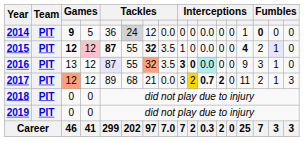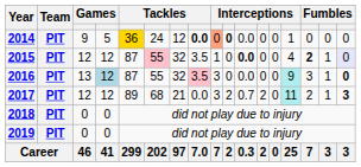 <table class="wikitable" style="text-align:center;">
 <tr>
 <th rowspan="2">Year</th>
 <th rowspan="2">Team</th>
 <th colspan="2">Games</th>
 <th colspan="4">Tackles</th>
 <th colspan="6">Interceptions</th>
 <th colspan="3">Fumbles</th>
 </tr>
 <tr>
 <th></th>
 <th></th>
 <th></th>
 <th></th>
 <th></th>
 <th></th>
 <th></th>
 <th></th>
 <th></th>
 <th></th>
 <th></th>
 <th></th>
 <th></th>
 <th></th>
 <th></th>
 </tr>
 <tr>
 <th><a href='#'>2014</a></th>
 <th><a href='#'>PIT</a></th>
-<td><strong>9</strong></td>
+<td>9</td>
 <td>5</td>
-<td>36</td>
-<td style="background: lightgrey;">24</td>
+<td style="background: gold;">36</td>
+<td>24</td>
 <td>12</td>
-<td>0.0</td>
-<td>0</td>
-<td>0</td>
+<td><strong>0.0</strong></td>
+<td style="background: lightsalmon;">0</td>
+<td><strong>0</strong></td>
 <td>0.0</td>
 <td>0</td>
 <td>0</td>
 <td>1</td>
-<td><strong>0</strong></td>
+<td>0</td>
 <td>0</td>
 <td>0</td>
 </tr>
 <tr>
 <th><a href='#'>2015</a></th>
 <th><a href='#'>PIT</a></th>
-<td><strong>12</strong></td>
-<td style="background: pink;">12</td>
-<td><strong>87</strong></td>
-<td>55</td>
-<td><strong>32</strong></td>
+<td>12</td>
+<td>12</td>
+<td>87</td>
+<td style="background: pink;">55</td>
+<td>32</td>
 <td>3.5</td>
 <td>1</td>
 <td>0</td>
-<td>0.0</td>
+<td><strong>0.0</strong></td>
 <td>0</td>
 <td>0</td>
-<td><strong>4</strong></td>
-<td>2</td>
-<td style="background: lavender;">1</td>
-<td>0</td>
+<td>4</td>
+<td><strong>2</strong></td>
+<td>1</td>
+<td style="background: lavender;">0</td>
 </tr>
 <tr>
 <th><a href='#'>2016</a></th>
 <th><a href='#'>PIT</a></th>
 <td>13</td>
-<td>12</td>
-<td style="background: lavender;">87</td>
+<td style="background: lightblue;">12</td>
+<td>87</td>
 <td>55</td>
-<td style="background: lightsalmon;">32</td>
-<td>3.5</td>
-<td><strong>3</strong></td>
-<td><strong>0</strong></td>
-<td style="background: paleturquoise;">0.0</td>
+<td>32</td>
+<td style="background: pink;">3.5</td>
+<td>3</td>
+<td>0</td>
+<td>0.0</td>
 <td>0</td>
 <td>0</td>
-<td>9</td>
+<td style="background: paleturquoise;">9</td>
 <td>3</td>
 <td>1</td>
-<td>0</td>
+<td><strong>0</strong></td>
 </tr>
 <tr>
 <th><a href='#'>2017</a></th>
 <th><a href='#'>PIT</a></th>
-<td style="background: lightsalmon;">12</td>
+<td>12</td>
 <td>12</td>
 <td>89</td>
 <td>68</td>
 <td>21</td>
 <td>0.0</td>
 <td>3</td>
-<td style="background: gold;">2</td>
-<td><strong>0.7</strong></td>
-<td><strong>2</strong></td>
+<td>2</td>
+<td>0.7</td>
+<td>2</td>
 <td>0</td>
-<td>11</td>
+<td style="background: paleturquoise;">11</td>
 <td>2</td>
 <td>1</td>
-<td>3</td>
+<td><strong>3</strong></td>
 </tr>
 <tr>
 <th><a href='#'>2018</a></th>
 <th><a href='#'>PIT</a></th>
 <td>0</td>
 <td>0</td>
 <td colspan="15"><em>did not play due to injury</em></td>
 </tr>
 <tr>
 <th><a href='#'>2019</a></th>
 <th><a href='#'>PIT</a></th>
 <td>0</td>
 <td>0</td>
 <td colspan="15"><em>did not play due to injury</em></td>
 </tr>
 <tr>
 <th colspan="2">Career</th>
 <th>46</th>
 <th>41</th>
 <th>299</th>
 <th>202</th>
 <th>97</th>
 <th>7.0</th>
 <th>7</th>
 <th>2</th>
 <th>0.3</th>
 <th>2</th>
 <th>0</th>
 <th>25</th>
 <th>7</th>
 <th>3</th>
 <th>3</th>
 </tr>
 </table>
